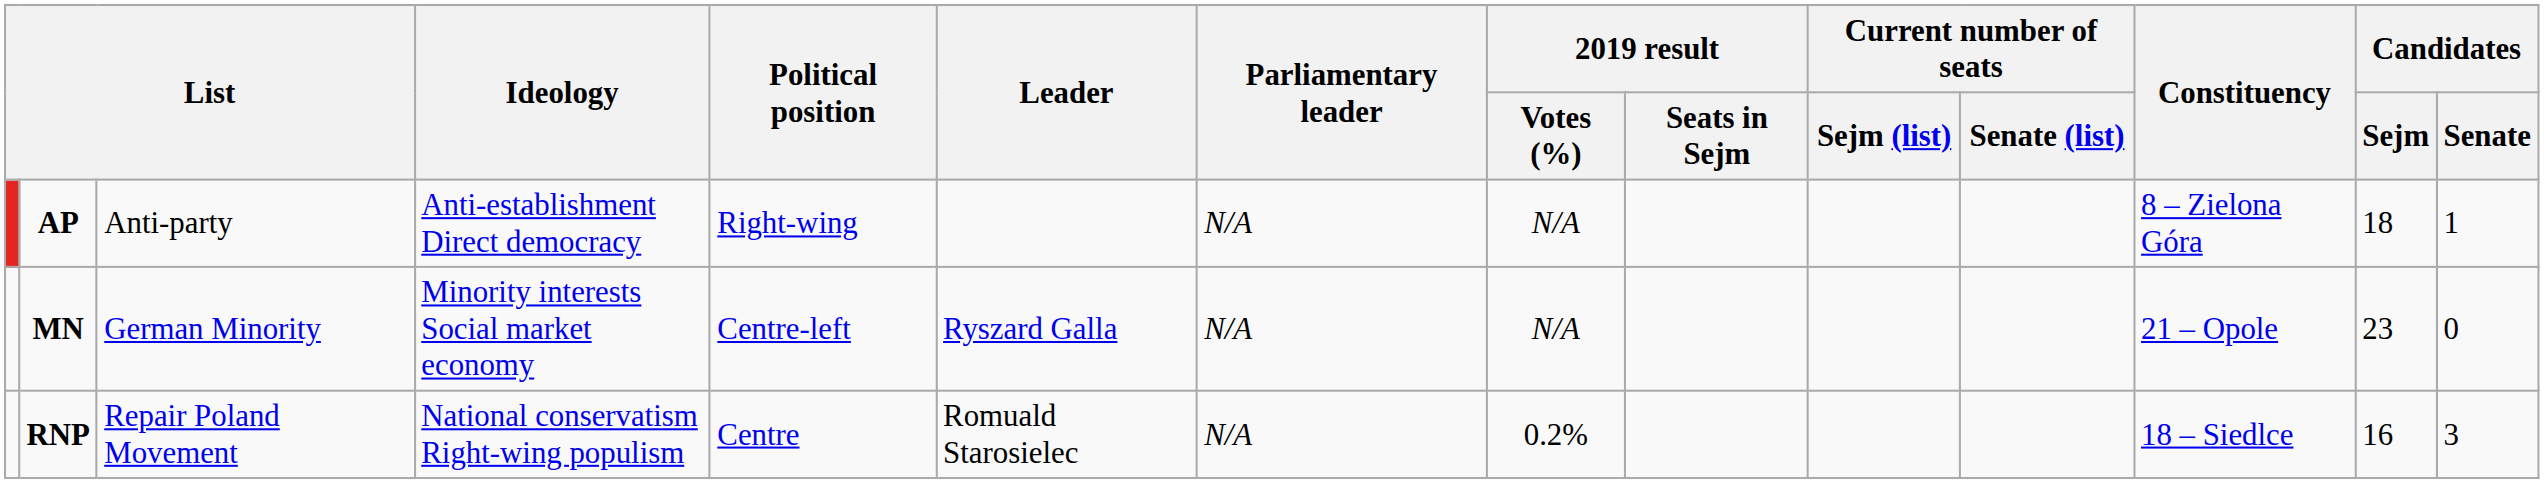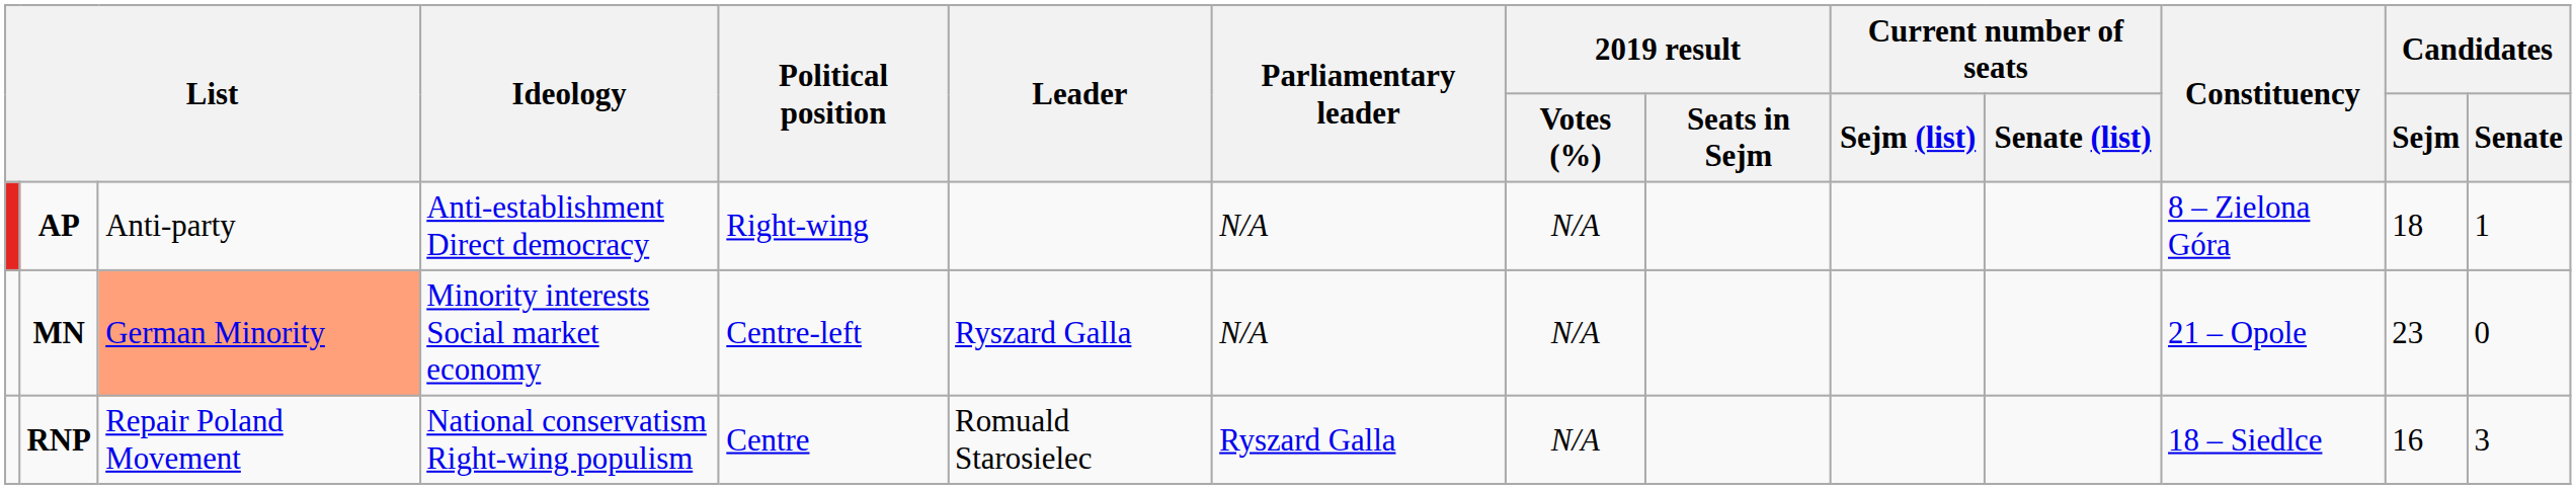 <table class=wikitable style="font-size:95%;">
 <tr>
 <th colspan="3" rowspan="2">List</th>
 <th rowspan="2">Ideology</th>
 <th rowspan="2">Political position</th>
 <th rowspan="2">Leader</th>
 <th rowspan="2">Parliamentary leader</th>
 <th colspan="2">2019 result</th>
 <th colspan="2">Current number of seats</th>
 <th rowspan="2">Constituency</th>
 <th colspan="2">Candidates</th>
 </tr>
 <tr>
 <th>Votes (%)</th>
 <th>Seats in Sejm</th>
 <th>Sejm <a href='#'>(list)</a></th>
 <th>Senate <a href='#'>(list)</a></th>
 <th>Sejm</th>
 <th>Senate</th>
 </tr>
 <tr>
 <td style="background:#e52522;"></td>
 <td style="text-align:center;"><strong>AP</strong></td>
 <td>Anti-party<br></td>
 <td><a href='#'>Anti-establishment</a><br><a href='#'>Direct democracy</a></td>
 <td><a href='#'>Right-wing</a></td>
 <td></td>
 <td><em>N/A</em></td>
 <td style="text-align:center;"><em>N/A</em></td>
 <td></td>
 <td></td>
 <td></td>
 <td><a href='#'>8 – Zielona Góra</a></td>
 <td>18</td>
 <td>1</td>
 </tr>
 <tr>
 <td style="background:"></td>
 <td style="text-align:center;"><strong>MN</strong></td>
-<td><a href='#'>German Minority</a><br></td>
+<td style="background: lightsalmon;"><a href='#'>German Minority</a><br></td>
 <td><a href='#'>Minority interests</a><br><a href='#'>Social market economy</a></td>
 <td><a href='#'>Centre-left</a></td>
 <td><a href='#'>Ryszard Galla</a></td>
 <td><em>N/A</em></td>
 <td style="text-align:center;"><em>N/A</em></td>
 <td></td>
 <td></td>
 <td></td>
 <td><a href='#'>21 – Opole</a></td>
 <td>23</td>
 <td>0</td>
 </tr>
 <tr>
 <td style="background:"></td>
 <td style="text-align:center;"><strong>RNP</strong></td>
 <td><a href='#'>Repair Poland Movement</a><br></td>
 <td><a href='#'>National conservatism</a><br><a href='#'>Right-wing populism</a></td>
 <td><a href='#'>Centre</a></td>
 <td>Romuald Starosielec</td>
-<td><em>N/A</em></td>
-<td style="text-align:center;">0.2%</td>
+<td><a href='#'>Ryszard Galla</a></td>
+<td style="text-align:center;"><em>N/A</em></td>
 <td></td>
 <td></td>
 <td></td>
 <td><a href='#'>18 – Siedlce</a></td>
 <td>16</td>
 <td>3</td>
 </tr>
 </table>
